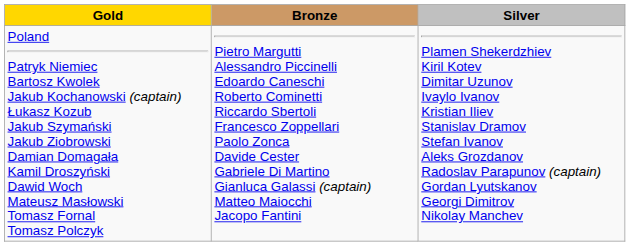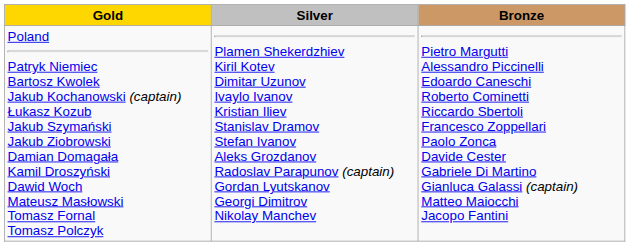 <table class="wikitable" style="font-size:95%;">
 <tr align="center">
 <td style="width: 15em; background: gold"><strong>Gold</strong></td>
+<td style="width: 15em; background: silver"><strong>Silver</strong></td>
 <td style="width: 15em; background: #CC9966"><strong>Bronze</strong></td>
-<td style="width: 15em; background: silver"><strong>Silver</strong></td>
 </tr>
 <tr valign="top">
 <td><div> <a href='#'>Poland</a><hr><a href='#'>Patryk Niemiec</a><br><a href='#'>Bartosz Kwolek</a><br><a href='#'>Jakub Kochanowski</a> <em>(captain)</em><br><a href='#'>Łukasz Kozub</a><br><a href='#'>Jakub Szymański</a><br><a href='#'>Jakub Ziobrowski</a><br><a href='#'>Damian Domagała</a><br><a href='#'>Kamil Droszyński</a><br><a href='#'>Dawid Woch</a><br><a href='#'>Mateusz Masłowski</a><br><a href='#'>Tomasz Fornal</a><br><a href='#'>Tomasz Polczyk</a></div></td>
+<td><div><hr><a href='#'>Plamen Shekerdzhiev</a><br><a href='#'>Kiril Kotev</a><br><a href='#'>Dimitar Uzunov</a><br><a href='#'>Ivaylo Ivanov</a><br><a href='#'>Kristian Iliev</a><br><a href='#'>Stanislav Dramov</a><br><a href='#'>Stefan Ivanov</a><br><a href='#'>Aleks Grozdanov</a><br><a href='#'>Radoslav Parapunov</a> <em>(captain)</em><br><a href='#'>Gordan Lyutskanov</a><br><a href='#'>Georgi Dimitrov</a><br><a href='#'>Nikolay Manchev</a></div></td>
 <td><div><hr><a href='#'>Pietro Margutti</a><br><a href='#'>Alessandro Piccinelli</a><br><a href='#'>Edoardo Caneschi</a><br><a href='#'>Roberto Cominetti</a><br><a href='#'>Riccardo Sbertoli</a><br><a href='#'>Francesco Zoppellari</a><br><a href='#'>Paolo Zonca</a><br><a href='#'>Davide Cester</a><br><a href='#'>Gabriele Di Martino</a><br><a href='#'>Gianluca Galassi</a> <em>(captain)</em><br><a href='#'>Matteo Maiocchi</a><br><a href='#'>Jacopo Fantini</a></div></td>
-<td><div><hr><a href='#'>Plamen Shekerdzhiev</a><br><a href='#'>Kiril Kotev</a><br><a href='#'>Dimitar Uzunov</a><br><a href='#'>Ivaylo Ivanov</a><br><a href='#'>Kristian Iliev</a><br><a href='#'>Stanislav Dramov</a><br><a href='#'>Stefan Ivanov</a><br><a href='#'>Aleks Grozdanov</a><br><a href='#'>Radoslav Parapunov</a> <em>(captain)</em><br><a href='#'>Gordan Lyutskanov</a><br><a href='#'>Georgi Dimitrov</a><br><a href='#'>Nikolay Manchev</a></div></td>
 </tr>
 </table>
